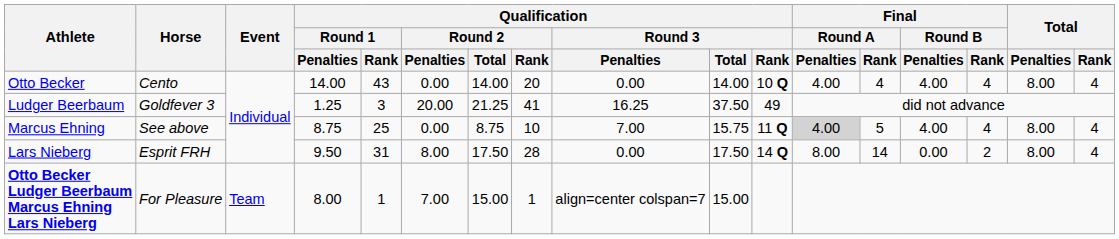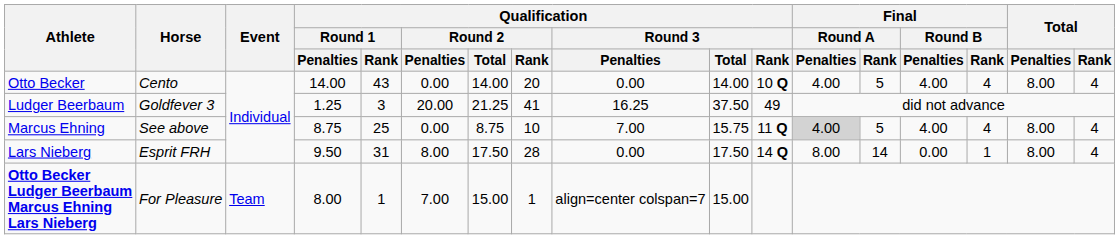 <table class="wikitable" style="font-size:90%">
 <tr>
 <th rowspan="3">Athlete</th>
 <th rowspan="3">Horse</th>
 <th rowspan="3">Event</th>
 <th colspan="8">Qualification</th>
 <th colspan="4">Final</th>
 <th rowspan=2 colspan="2">Total</th>
 </tr>
 <tr style="font-size:95%">
 <th colspan="2">Round 1</th>
 <th colspan="3">Round 2</th>
 <th colspan="3">Round 3</th>
 <th colspan="2">Round A</th>
 <th colspan="2">Round B</th>
 </tr>
 <tr style="font-size:95%">
 <th>Penalties</th>
 <th>Rank</th>
 <th>Penalties</th>
 <th>Total</th>
 <th>Rank</th>
 <th>Penalties</th>
 <th>Total</th>
 <th>Rank</th>
 <th>Penalties</th>
 <th>Rank</th>
 <th>Penalties</th>
 <th>Rank</th>
 <th>Penalties</th>
 <th>Rank</th>
 </tr>
 <tr>
 <td align=left><a href='#'>Otto Becker</a></td>
 <td align=left><em>Cento</em></td>
 <td align=left rowspan=4><a href='#'>Individual</a></td>
 <td align=center>14.00</td>
 <td align=center>43</td>
 <td align=center>0.00</td>
 <td align=center>14.00</td>
 <td align=center>20</td>
 <td align=center>0.00</td>
 <td align=center>14.00</td>
 <td align=center>10 <strong>Q</strong></td>
 <td align=center>4.00</td>
-<td align=center>4</td>
+<td align=center>5</td>
 <td align=center>4.00</td>
 <td align=center>4</td>
 <td align=center>8.00</td>
 <td align=center>4</td>
 </tr>
 <tr>
 <td align=left><a href='#'>Ludger Beerbaum</a></td>
 <td align=left><em>Goldfever 3</em></td>
 <td align=center>1.25</td>
 <td align=center>3</td>
 <td align=center>20.00</td>
 <td align=center>21.25</td>
 <td align=center>41</td>
 <td align=center>16.25</td>
 <td align=center>37.50</td>
 <td align=center>49</td>
 <td align=center colspan=6>did not advance</td>
 </tr>
 <tr>
 <td align=left><a href='#'>Marcus Ehning</a></td>
 <td align=left><em>See above</em></td>
 <td align=center>8.75</td>
 <td align=center>25</td>
 <td align=center>0.00</td>
 <td align=center>8.75</td>
 <td align=center>10</td>
 <td align=center>7.00</td>
 <td align=center>15.75</td>
 <td align=center>11 <strong>Q</strong></td>
 <td align=center style="background: lightgrey;">4.00</td>
 <td align=center>5</td>
 <td align=center>4.00</td>
 <td align=center>4</td>
 <td align=center>8.00</td>
 <td align=center>4</td>
 </tr>
 <tr>
 <td align=left><a href='#'>Lars Nieberg</a></td>
 <td align=left><em>Esprit FRH</em></td>
 <td align=center>9.50</td>
 <td align=center>31</td>
 <td align=center>8.00</td>
 <td align=center>17.50</td>
 <td align=center>28</td>
 <td align=center>0.00</td>
 <td align=center>17.50</td>
 <td align=center>14 <strong>Q</strong></td>
 <td align=center>8.00</td>
 <td align=center>14</td>
 <td align=center>0.00</td>
-<td align=center>2</td>
+<td align=center>1</td>
 <td align=center>8.00</td>
 <td align=center>4</td>
 </tr>
 <tr>
 <td align=left><strong><a href='#'>Otto Becker</a></strong><br> <strong><a href='#'>Ludger Beerbaum</a></strong><br> <strong><a href='#'>Marcus Ehning</a></strong><br> <strong><a href='#'>Lars Nieberg</a></strong></td>
 <td align=left><em>For Pleasure</em></td>
 <td align=left><a href='#'>Team</a></td>
 <td align=center>8.00</td>
 <td align=center>1</td>
 <td align=center>7.00</td>
 <td align=center>15.00</td>
 <td align=center>1</td>
 <td>align=center colspan=7 </td>
 <td align=center>15.00</td>
 <td align=center></td>
 </tr>
 </table>
